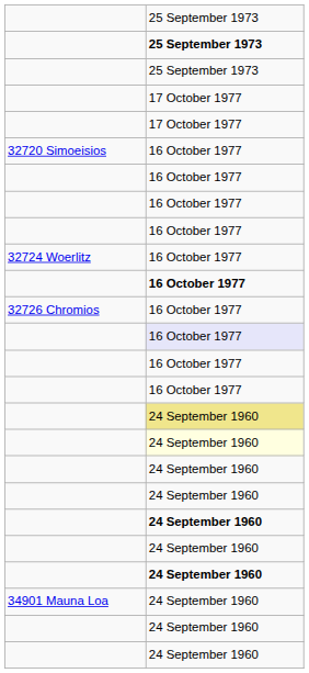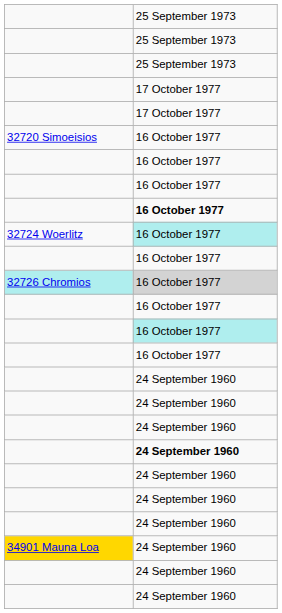 <table class="wikitable" style="font-size: 89%; float: left; width: 24em; margin-right: 1em; line-height: 1.65em">
 <tr>
 <td></td>
 <td>25 September 1973</td>
 </tr>
 <tr>
 <td></td>
-<td><strong>25 September 1973</strong></td>
+<td>25 September 1973</td>
 </tr>
 <tr>
 <td></td>
 <td>25 September 1973</td>
 </tr>
 <tr>
 <td></td>
 <td>17 October 1977</td>
 </tr>
 <tr>
 <td></td>
 <td>17 October 1977</td>
 </tr>
 <tr>
 <td><a href='#'>32720 Simoeisios</a></td>
 <td>16 October 1977</td>
 </tr>
 <tr>
 <td></td>
 <td>16 October 1977</td>
 </tr>
 <tr>
 <td></td>
 <td>16 October 1977</td>
 </tr>
 <tr>
 <td></td>
+<td><strong>16 October 1977</strong></td>
+</tr>
+<tr>
+<td><a href='#'>32724 Woerlitz</a></td>
+<td style="background: paleturquoise;">16 October 1977</td>
+</tr>
+<tr>
+<td></td>
 <td>16 October 1977</td>
 </tr>
 <tr>
-<td><a href='#'>32724 Woerlitz</a></td>
-<td>16 October 1977</td>
-</tr>
-<tr>
-<td></td>
-<td><strong>16 October 1977</strong></td>
-</tr>
-<tr>
-<td><a href='#'>32726 Chromios</a></td>
-<td>16 October 1977</td>
-</tr>
-<tr>
-<td></td>
-<td style="background: lavender;">16 October 1977</td>
+<td style="background: paleturquoise;"><a href='#'>32726 Chromios</a></td>
+<td style="background: lightgrey;">16 October 1977</td>
 </tr>
 <tr>
 <td></td>
 <td>16 October 1977</td>
 </tr>
 <tr>
 <td></td>
+<td style="background: paleturquoise;">16 October 1977</td>
+</tr>
+<tr>
+<td></td>
 <td>16 October 1977</td>
 </tr>
 <tr>
 <td></td>
-<td style="background: khaki;">24 September 1960</td>
-</tr>
-<tr>
-<td></td>
-<td style="background: lightyellow;">24 September 1960</td>
+<td>24 September 1960</td>
 </tr>
 <tr>
 <td></td>
 <td>24 September 1960</td>
 </tr>
 <tr>
 <td></td>
 <td>24 September 1960</td>
 </tr>
 <tr>
 <td></td>
 <td><strong>24 September 1960</strong></td>
 </tr>
 <tr>
 <td></td>
 <td>24 September 1960</td>
 </tr>
 <tr>
 <td></td>
-<td><strong>24 September 1960</strong></td>
+<td>24 September 1960</td>
 </tr>
 <tr>
-<td><a href='#'>34901 Mauna Loa</a></td>
+<td></td>
+<td>24 September 1960</td>
+</tr>
+<tr>
+<td style="background: gold;"><a href='#'>34901 Mauna Loa</a></td>
 <td>24 September 1960</td>
 </tr>
 <tr>
 <td></td>
 <td>24 September 1960</td>
 </tr>
 <tr>
 <td></td>
 <td>24 September 1960</td>
 </tr>
 </table>
